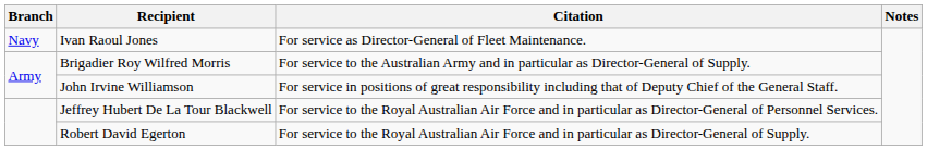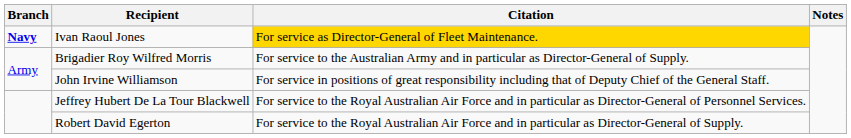 <table class="wikitable" style="font-size:95%;">
 <tr>
 <th>Branch</th>
 <th>Recipient</th>
 <th>Citation</th>
 <th>Notes</th>
 </tr>
 <tr>
-<td><a href='#'>Navy</a></td>
+<td><strong><a href='#'>Navy</a></strong></td>
 <td> Ivan Raoul Jones</td>
-<td>For service as Director-General of Fleet Maintenance.</td>
+<td style="background: gold;">For service as Director-General of Fleet Maintenance.</td>
 <td rowspan=10></td>
 </tr>
 <tr>
 <td rowspan=2><a href='#'>Army</a></td>
 <td>Brigadier Roy Wilfred Morris</td>
 <td>For service to the Australian Army and in particular as Director-General of Supply.</td>
 </tr>
 <tr>
 <td> John Irvine Williamson </td>
 <td>For service in positions of great responsibility including that of Deputy Chief of the General Staff.</td>
 </tr>
 <tr>
 <td rowspan=2></td>
 <td> Jeffrey Hubert De La Tour Blackwell</td>
 <td>For service to the Royal Australian Air Force and in particular as Director-General of Personnel Services.</td>
 </tr>
 <tr>
 <td> Robert David Egerton</td>
 <td>For service to the Royal Australian Air Force and in particular as Director-General of Supply.</td>
 </tr>
 </table>
